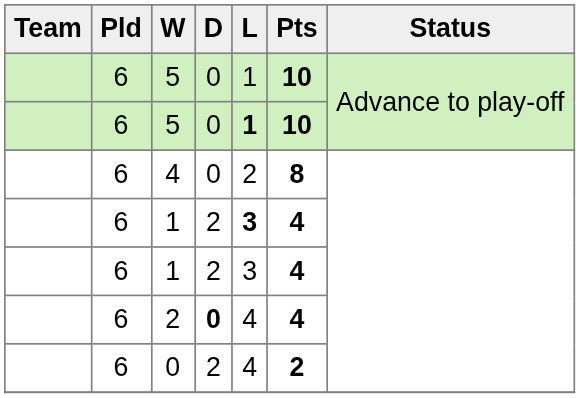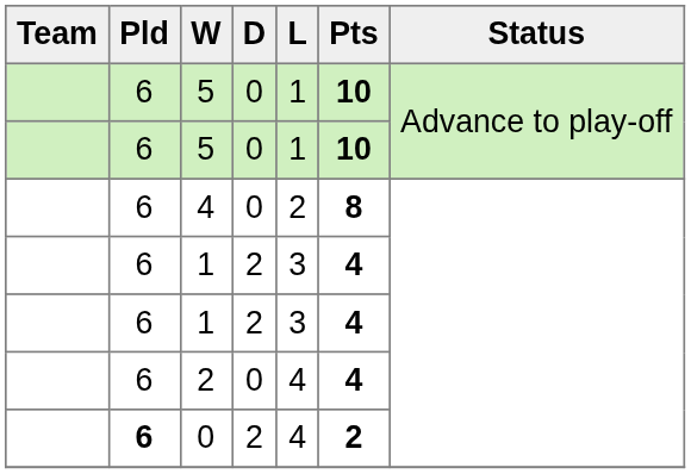 <table style=border-collapse:collapse border=1 cellspacing=0 cellpadding=5>
 <tr align=center bgcolor=#efefef>
 <th>Team</th>
 <th>Pld</th>
 <th>W</th>
 <th>D</th>
 <th>L</th>
 <th>Pts</th>
 <th>Status</th>
 </tr>
 <tr align=center style="background:#D0F0C0;">
 <td style="text-align:left;"> </td>
 <td>6</td>
 <td>5</td>
 <td>0</td>
 <td>1</td>
 <td><strong>10</strong></td>
 <td rowspan=2>Advance to play-off</td>
 </tr>
 <tr align=center style="background:#D0F0C0;">
 <td style="text-align:left;"> </td>
 <td>6</td>
 <td>5</td>
 <td>0</td>
-<td><strong>1</strong></td>
+<td>1</td>
 <td><strong>10</strong></td>
 </tr>
 <tr align=center style="background:#FFFFFF;">
 <td style="text-align:left;"> </td>
 <td>6</td>
 <td>4</td>
 <td>0</td>
 <td>2</td>
 <td><strong>8</strong></td>
 <td rowspan=5></td>
 </tr>
 <tr align=center style="background:#FFFFFF;">
 <td style="text-align:left;"> </td>
 <td>6</td>
 <td>1</td>
 <td>2</td>
-<td><strong>3</strong></td>
+<td>3</td>
 <td><strong>4</strong></td>
 </tr>
 <tr align=center style="background:#FFFFFF;">
 <td style="text-align:left;"> </td>
 <td>6</td>
 <td>1</td>
 <td>2</td>
 <td>3</td>
 <td><strong>4</strong></td>
 </tr>
 <tr align=center style="background:#FFFFFF;">
 <td style="text-align:left;"> </td>
 <td>6</td>
 <td>2</td>
-<td><strong>0</strong></td>
+<td>0</td>
 <td>4</td>
 <td><strong>4</strong></td>
 </tr>
 <tr align=center style="background:#FFFFFF;">
 <td style="text-align:left;"> </td>
-<td>6</td>
+<td><strong>6</strong></td>
 <td>0</td>
 <td>2</td>
 <td>4</td>
 <td><strong>2</strong></td>
 </tr>
 <tr align=center style="background:#FFFFFF;">
 </tr>
 </table>
